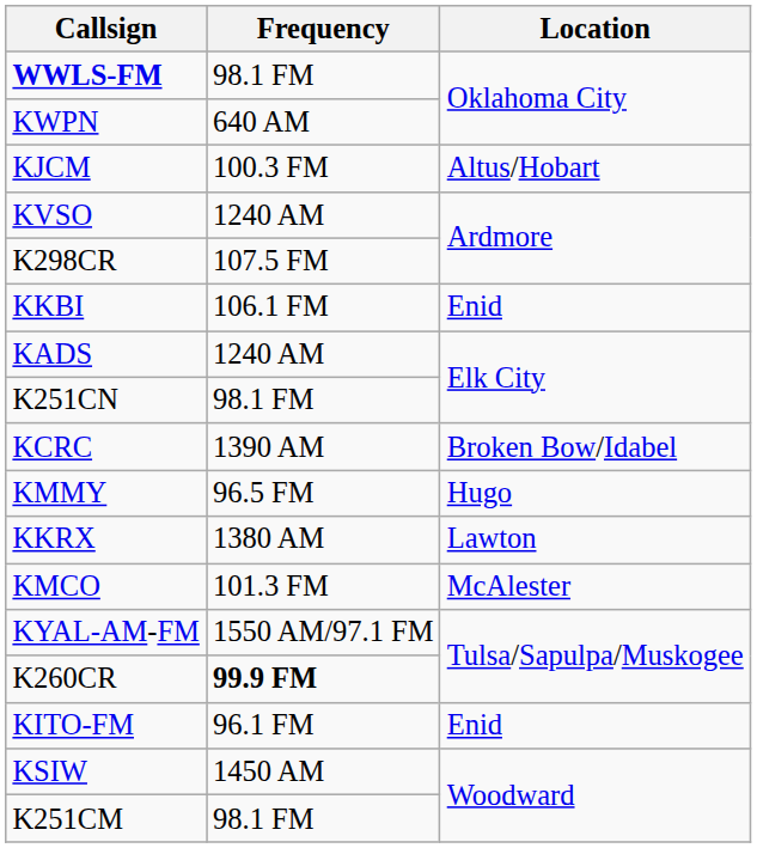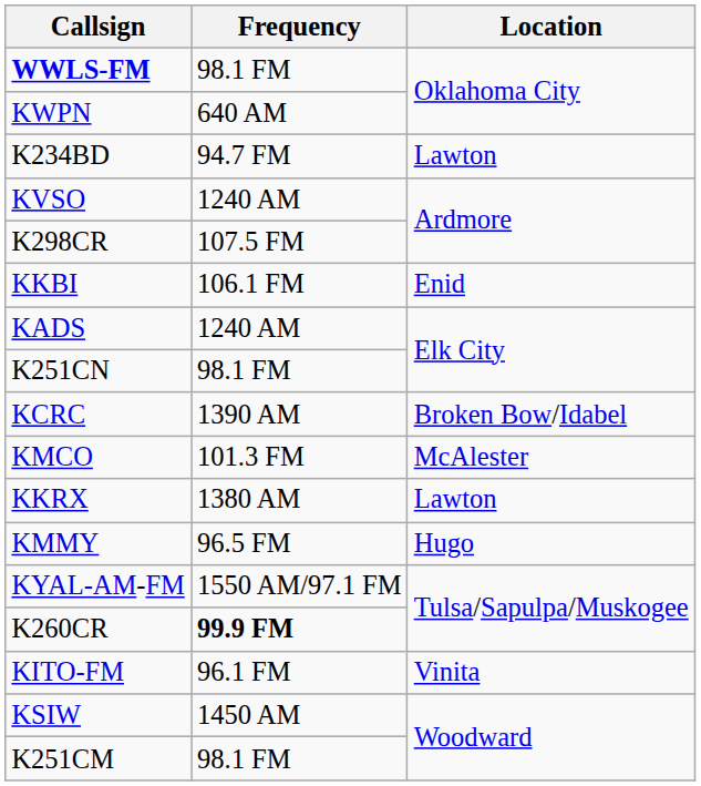 <table class="wikitable">
 <tr>
 <th>Callsign</th>
 <th>Frequency</th>
 <th>Location</th>
 </tr>
 <tr>
 <td><strong><a href='#'>WWLS-FM</a></strong></td>
 <td>98.1 FM</td>
 <td rowspan=2><a href='#'>Oklahoma City</a></td>
 </tr>
 <tr>
 <td><a href='#'>KWPN</a></td>
 <td>640 AM</td>
 </tr>
 <tr>
-<td><a href='#'>KJCM</a></td>
-<td>100.3 FM</td>
-<td><a href='#'>Altus</a>/<a href='#'>Hobart</a></td>
+<td>K234BD</td>
+<td>94.7 FM</td>
+<td><a href='#'>Lawton</a></td>
 </tr>
 <tr>
 <td><a href='#'>KVSO</a></td>
 <td>1240 AM</td>
 <td rowspan=2><a href='#'>Ardmore</a></td>
 </tr>
 <tr>
 <td>K298CR</td>
 <td>107.5 FM</td>
 </tr>
 <tr>
 <td><a href='#'>KKBI</a></td>
 <td>106.1 FM</td>
 <td><a href='#'>Enid</a></td>
 </tr>
 <tr>
 <td><a href='#'>KADS</a></td>
 <td>1240 AM</td>
 <td rowspan=2><a href='#'>Elk City</a></td>
 </tr>
 <tr>
 <td>K251CN</td>
 <td>98.1 FM</td>
 </tr>
 <tr>
 <td><a href='#'>KCRC</a></td>
 <td>1390 AM</td>
 <td><a href='#'>Broken Bow</a>/<a href='#'>Idabel</a></td>
 </tr>
 <tr>
-<td><a href='#'>KMMY</a></td>
-<td>96.5 FM</td>
-<td><a href='#'>Hugo</a></td>
+<td><a href='#'>KMCO</a></td>
+<td>101.3 FM</td>
+<td><a href='#'>McAlester</a></td>
 </tr>
 <tr>
 <td><a href='#'>KKRX</a></td>
 <td>1380 AM</td>
 <td><a href='#'>Lawton</a></td>
 </tr>
 <tr>
-<td><a href='#'>KMCO</a></td>
-<td>101.3 FM</td>
-<td><a href='#'>McAlester</a></td>
+<td><a href='#'>KMMY</a></td>
+<td>96.5 FM</td>
+<td><a href='#'>Hugo</a></td>
 </tr>
 <tr>
 <td><a href='#'>KYAL-AM</a>-<a href='#'>FM</a></td>
 <td>1550 AM/97.1 FM</td>
 <td rowspan=2><a href='#'>Tulsa</a>/<a href='#'>Sapulpa</a>/<a href='#'>Muskogee</a></td>
 </tr>
 <tr>
 <td>K260CR</td>
 <td><strong>99.9 FM</strong></td>
 </tr>
 <tr>
 <td><a href='#'>KITO-FM</a></td>
 <td>96.1 FM</td>
-<td><a href='#'>Enid</a></td>
+<td><a href='#'>Vinita</a></td>
 </tr>
 <tr>
 <td><a href='#'>KSIW</a></td>
 <td>1450 AM</td>
 <td rowspan=2><a href='#'>Woodward</a></td>
 </tr>
 <tr>
 <td>K251CM</td>
 <td>98.1 FM</td>
 </tr>
 </table>
